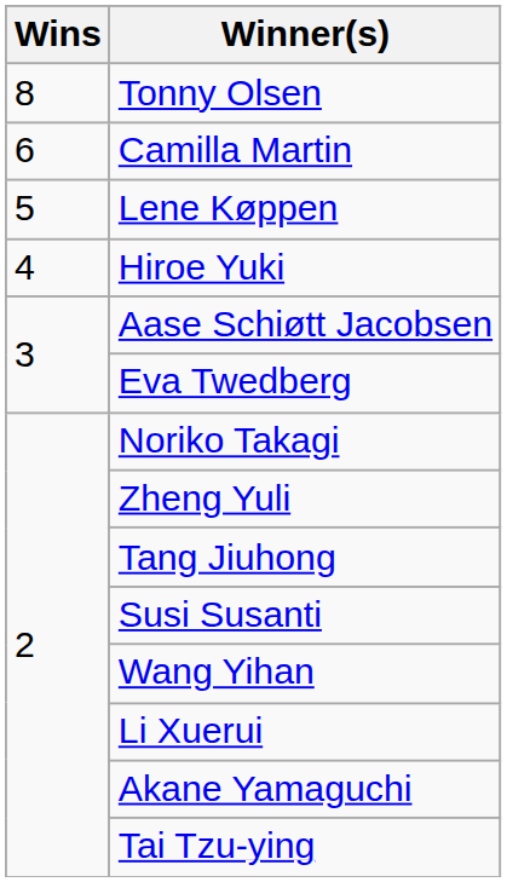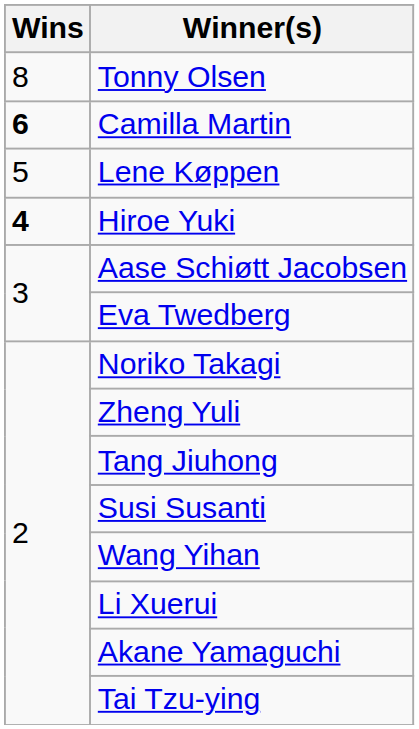 <table class="wikitable">
 <tr>
 <th>Wins</th>
 <th>Winner(s)</th>
 </tr>
 <tr>
 <td rowspan="1">8</td>
 <td><a href='#'>Tonny Olsen</a></td>
 </tr>
 <tr>
-<td rowspan="1">6</td>
+<td rowspan="1"><strong>6</strong></td>
 <td><a href='#'>Camilla Martin</a></td>
 </tr>
 <tr>
 <td rowspan="1">5</td>
 <td><a href='#'>Lene Køppen</a></td>
 </tr>
 <tr>
-<td rowspan="1">4</td>
+<td rowspan="1"><strong>4</strong></td>
 <td><a href='#'>Hiroe Yuki</a></td>
 </tr>
 <tr>
 <td rowspan="2">3</td>
 <td><a href='#'>Aase Schiøtt Jacobsen</a></td>
 </tr>
 <tr>
 <td><a href='#'>Eva Twedberg</a></td>
 </tr>
 <tr>
 <td rowspan="8">2</td>
 <td><a href='#'>Noriko Takagi</a></td>
 </tr>
 <tr>
 <td><a href='#'>Zheng Yuli</a></td>
 </tr>
 <tr>
 <td><a href='#'>Tang Jiuhong</a></td>
 </tr>
 <tr>
 <td><a href='#'>Susi Susanti</a></td>
 </tr>
 <tr>
 <td><a href='#'>Wang Yihan</a></td>
 </tr>
 <tr>
 <td><a href='#'>Li Xuerui</a></td>
 </tr>
 <tr>
 <td><a href='#'>Akane Yamaguchi</a></td>
 </tr>
 <tr>
 <td><a href='#'>Tai Tzu-ying</a></td>
 </tr>
 </table>
